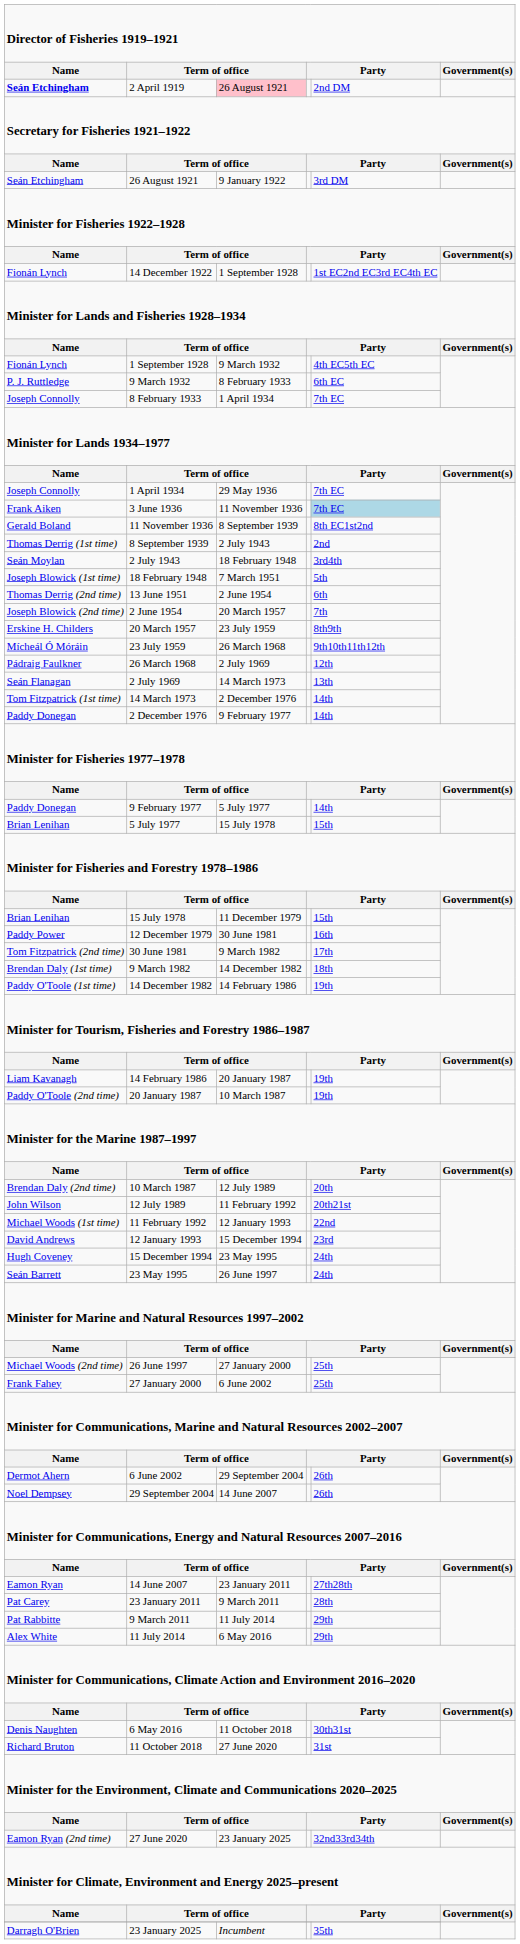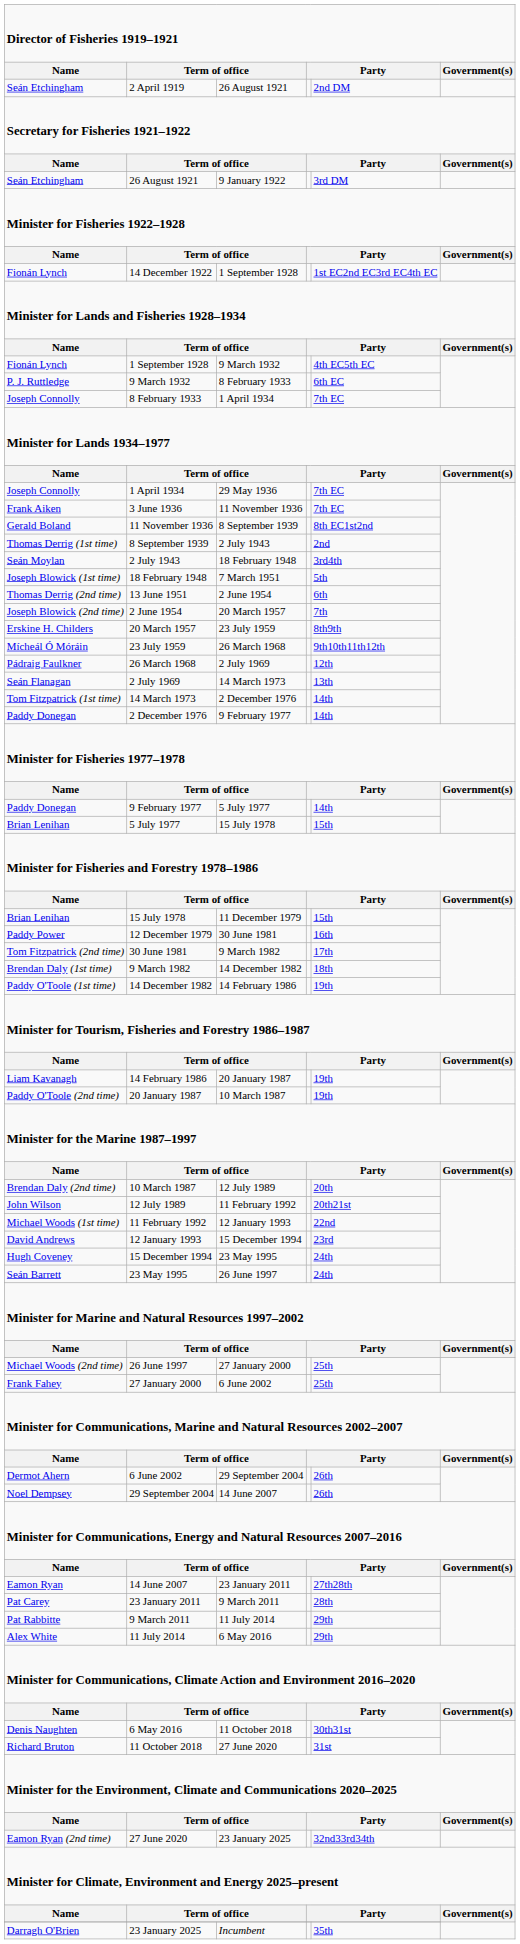 <table class="wikitable">
 <tr>
 <td colspan="6"><br><h3>Director of Fisheries 1919–1921</h3></td>
 </tr>
 <tr>
 <th>Name</th>
 <th colspan="2">Term of office</th>
 <th colspan="2">Party</th>
 <th>Government(s)</th>
 </tr>
 <tr>
-<td><strong><a href='#'>Seán Etchingham</a></strong></td>
+<td><a href='#'>Seán Etchingham</a></td>
 <td>2 April 1919</td>
-<td style="background: pink;">26 August 1921</td>
+<td>26 August 1921</td>
 <td></td>
 <td><a href='#'>2nd DM</a></td>
 </tr>
 <tr>
 <td colspan="6"><br><h3>Secretary for Fisheries 1921–1922</h3></td>
 </tr>
 <tr>
 <th>Name</th>
 <th colspan="2">Term of office</th>
 <th colspan="2">Party</th>
 <th>Government(s)</th>
 </tr>
 <tr>
 <td><a href='#'>Seán Etchingham</a></td>
 <td>26 August 1921</td>
 <td>9 January 1922</td>
 <td></td>
 <td><a href='#'>3rd DM</a></td>
 </tr>
 <tr>
 <td colspan="6"><br><h3>Minister for Fisheries 1922–1928</h3></td>
 </tr>
 <tr>
 <th>Name</th>
 <th colspan="2">Term of office</th>
 <th colspan="2">Party</th>
 <th>Government(s)</th>
 </tr>
 <tr>
 <td><a href='#'>Fionán Lynch</a></td>
 <td>14 December 1922</td>
 <td>1 September 1928</td>
 <td></td>
 <td><a href='#'>1st EC</a><a href='#'>2nd EC</a><a href='#'>3rd EC</a><a href='#'>4th EC</a></td>
 </tr>
 <tr>
 <td colspan="6"><br><h3>Minister for Lands and Fisheries 1928–1934</h3></td>
 </tr>
 <tr>
 <th>Name</th>
 <th colspan="2">Term of office</th>
 <th colspan="2">Party</th>
 <th>Government(s)</th>
 </tr>
 <tr>
 <td><a href='#'>Fionán Lynch</a></td>
 <td>1 September 1928</td>
 <td>9 March 1932</td>
 <td></td>
 <td><a href='#'>4th EC</a><a href='#'>5th EC</a></td>
 </tr>
 <tr>
 <td><a href='#'>P. J. Ruttledge</a></td>
 <td>9 March 1932</td>
 <td>8 February 1933</td>
 <td></td>
 <td><a href='#'>6th EC</a></td>
 </tr>
 <tr>
 <td><a href='#'>Joseph Connolly</a></td>
 <td>8 February 1933</td>
 <td>1 April 1934</td>
 <td></td>
 <td><a href='#'>7th EC</a></td>
 </tr>
 <tr>
 <td colspan="6"><br><h3>Minister for Lands 1934–1977</h3></td>
 </tr>
 <tr>
 <th>Name</th>
 <th colspan="2">Term of office</th>
 <th colspan="2">Party</th>
 <th>Government(s)</th>
 </tr>
 <tr>
 <td><a href='#'>Joseph Connolly</a></td>
 <td>1 April 1934</td>
 <td>29 May 1936</td>
 <td></td>
 <td><a href='#'>7th EC</a></td>
 </tr>
 <tr>
 <td><a href='#'>Frank Aiken</a></td>
 <td>3 June 1936</td>
 <td>11 November 1936</td>
 <td></td>
-<td style="background: lightblue;"><a href='#'>7th EC</a></td>
+<td><a href='#'>7th EC</a></td>
 </tr>
 <tr>
 <td><a href='#'>Gerald Boland</a></td>
 <td>11 November 1936</td>
 <td>8 September 1939</td>
 <td></td>
 <td><a href='#'>8th EC</a><a href='#'>1st</a><a href='#'>2nd</a></td>
 </tr>
 <tr>
 <td><a href='#'>Thomas Derrig</a> <em>(1st time)</em></td>
 <td>8 September 1939</td>
 <td>2 July 1943</td>
 <td></td>
 <td><a href='#'>2nd</a></td>
 </tr>
 <tr>
 <td><a href='#'>Seán Moylan</a></td>
 <td>2 July 1943</td>
 <td>18 February 1948</td>
 <td></td>
 <td><a href='#'>3rd</a><a href='#'>4th</a></td>
 </tr>
 <tr>
 <td><a href='#'>Joseph Blowick</a> <em>(1st time)</em></td>
 <td>18 February 1948</td>
 <td>7 March 1951</td>
 <td></td>
 <td><a href='#'>5th</a></td>
 </tr>
 <tr>
 <td><a href='#'>Thomas Derrig</a> <em>(2nd time)</em></td>
 <td>13 June 1951</td>
 <td>2 June 1954</td>
 <td></td>
 <td><a href='#'>6th</a></td>
 </tr>
 <tr>
 <td><a href='#'>Joseph Blowick</a> <em>(2nd time)</em></td>
 <td>2 June 1954</td>
 <td>20 March 1957</td>
 <td></td>
 <td><a href='#'>7th</a></td>
 </tr>
 <tr>
 <td><a href='#'>Erskine H. Childers</a></td>
 <td>20 March 1957</td>
 <td>23 July 1959</td>
 <td></td>
 <td><a href='#'>8th</a><a href='#'>9th</a></td>
 </tr>
 <tr>
 <td><a href='#'>Mícheál Ó Móráin</a></td>
 <td>23 July 1959</td>
 <td>26 March 1968</td>
 <td></td>
 <td><a href='#'>9th</a><a href='#'>10th</a><a href='#'>11th</a><a href='#'>12th</a></td>
 </tr>
 <tr>
 <td><a href='#'>Pádraig Faulkner</a></td>
 <td>26 March 1968</td>
 <td>2 July 1969</td>
 <td></td>
 <td><a href='#'>12th</a></td>
 </tr>
 <tr>
 <td><a href='#'>Seán Flanagan</a></td>
 <td>2 July 1969</td>
 <td>14 March 1973</td>
 <td></td>
 <td><a href='#'>13th</a></td>
 </tr>
 <tr>
 <td><a href='#'>Tom Fitzpatrick</a> <em>(1st time)</em></td>
 <td>14 March 1973</td>
 <td>2 December 1976</td>
 <td></td>
 <td><a href='#'>14th</a></td>
 </tr>
 <tr>
 <td><a href='#'>Paddy Donegan</a></td>
 <td>2 December 1976</td>
 <td>9 February 1977</td>
 <td></td>
 <td><a href='#'>14th</a></td>
 </tr>
 <tr>
 <td colspan="6"><br><h3>Minister for Fisheries 1977–1978</h3></td>
 </tr>
 <tr>
 <th>Name</th>
 <th colspan="2">Term of office</th>
 <th colspan="2">Party</th>
 <th>Government(s)</th>
 </tr>
 <tr>
 <td><a href='#'>Paddy Donegan</a></td>
 <td>9 February 1977</td>
 <td>5 July 1977</td>
 <td></td>
 <td><a href='#'>14th</a></td>
 </tr>
 <tr>
 <td><a href='#'>Brian Lenihan</a></td>
 <td>5 July 1977</td>
 <td>15 July 1978</td>
 <td></td>
 <td><a href='#'>15th</a></td>
 </tr>
 <tr>
 <td colspan="6"><br><h3>Minister for Fisheries and Forestry 1978–1986</h3></td>
 </tr>
 <tr>
 <th>Name</th>
 <th colspan="2">Term of office</th>
 <th colspan="2">Party</th>
 <th>Government(s)</th>
 </tr>
 <tr>
 <td><a href='#'>Brian Lenihan</a></td>
 <td>15 July 1978</td>
 <td>11 December 1979</td>
 <td></td>
 <td><a href='#'>15th</a></td>
 </tr>
 <tr>
 <td><a href='#'>Paddy Power</a></td>
 <td>12 December 1979</td>
 <td>30 June 1981</td>
 <td></td>
 <td><a href='#'>16th</a></td>
 </tr>
 <tr>
 <td><a href='#'>Tom Fitzpatrick</a> <em>(2nd time)</em></td>
 <td>30 June 1981</td>
 <td>9 March 1982</td>
 <td></td>
 <td><a href='#'>17th</a></td>
 </tr>
 <tr>
 <td><a href='#'>Brendan Daly</a> <em>(1st time)</em></td>
 <td>9 March 1982</td>
 <td>14 December 1982</td>
 <td></td>
 <td><a href='#'>18th</a></td>
 </tr>
 <tr>
 <td><a href='#'>Paddy O'Toole</a> <em>(1st time)</em></td>
 <td>14 December 1982</td>
 <td>14 February 1986</td>
 <td></td>
 <td><a href='#'>19th</a></td>
 </tr>
 <tr>
 <td colspan="6"><br><h3>Minister for Tourism, Fisheries and Forestry 1986–1987</h3></td>
 </tr>
 <tr>
 <th>Name</th>
 <th colspan="2">Term of office</th>
 <th colspan="2">Party</th>
 <th>Government(s)</th>
 </tr>
 <tr>
 <td><a href='#'>Liam Kavanagh</a></td>
 <td>14 February 1986</td>
 <td>20 January 1987</td>
 <td></td>
 <td><a href='#'>19th</a></td>
 </tr>
 <tr>
 <td><a href='#'>Paddy O'Toole</a> <em>(2nd time)</em></td>
 <td>20 January 1987</td>
 <td>10 March 1987</td>
 <td></td>
 <td><a href='#'>19th</a></td>
 </tr>
 <tr>
 <td colspan="6"><br><h3>Minister for the Marine 1987–1997</h3></td>
 </tr>
 <tr>
 <th>Name</th>
 <th colspan="2">Term of office</th>
 <th colspan="2">Party</th>
 <th>Government(s)</th>
 </tr>
 <tr>
 <td><a href='#'>Brendan Daly</a> <em>(2nd time)</em></td>
 <td>10 March 1987</td>
 <td>12 July 1989</td>
 <td></td>
 <td><a href='#'>20th</a></td>
 </tr>
 <tr>
 <td><a href='#'>John Wilson</a></td>
 <td>12 July 1989</td>
 <td>11 February 1992</td>
 <td></td>
 <td><a href='#'>20th</a><a href='#'>21st</a></td>
 </tr>
 <tr>
 <td><a href='#'>Michael Woods</a> <em>(1st time)</em></td>
 <td>11 February 1992</td>
 <td>12 January 1993</td>
 <td></td>
 <td><a href='#'>22nd</a></td>
 </tr>
 <tr>
 <td><a href='#'>David Andrews</a></td>
 <td>12 January 1993</td>
 <td>15 December 1994</td>
 <td></td>
 <td><a href='#'>23rd</a></td>
 </tr>
 <tr>
 <td><a href='#'>Hugh Coveney</a></td>
 <td>15 December 1994</td>
 <td>23 May 1995</td>
 <td></td>
 <td><a href='#'>24th</a></td>
 </tr>
 <tr>
 <td><a href='#'>Seán Barrett</a></td>
 <td>23 May 1995</td>
 <td>26 June 1997</td>
 <td></td>
 <td><a href='#'>24th</a></td>
 </tr>
 <tr>
 <td colspan="6"><br><h3>Minister for Marine and Natural Resources 1997–2002</h3></td>
 </tr>
 <tr>
 <th>Name</th>
 <th colspan="2">Term of office</th>
 <th colspan="2">Party</th>
 <th>Government(s)</th>
 </tr>
 <tr>
 <td><a href='#'>Michael Woods</a> <em>(2nd time)</em></td>
 <td>26 June 1997</td>
 <td>27 January 2000</td>
 <td></td>
 <td><a href='#'>25th</a></td>
 </tr>
 <tr>
 <td><a href='#'>Frank Fahey</a></td>
 <td>27 January 2000</td>
 <td>6 June 2002</td>
 <td></td>
 <td><a href='#'>25th</a></td>
 </tr>
 <tr>
 <td colspan="6"><br><h3>Minister for Communications, Marine and Natural Resources 2002–2007</h3></td>
 </tr>
 <tr>
 <th>Name</th>
 <th colspan="2">Term of office</th>
 <th colspan="2">Party</th>
 <th>Government(s)</th>
 </tr>
 <tr>
 <td><a href='#'>Dermot Ahern</a></td>
 <td>6 June 2002</td>
 <td>29 September 2004</td>
 <td></td>
 <td><a href='#'>26th</a></td>
 </tr>
 <tr>
 <td><a href='#'>Noel Dempsey</a></td>
 <td>29 September 2004</td>
 <td>14 June 2007</td>
 <td></td>
 <td><a href='#'>26th</a></td>
 </tr>
 <tr>
 <td colspan="6"><br><h3>Minister for Communications, Energy and Natural Resources 2007–2016</h3></td>
 </tr>
 <tr>
 <th>Name</th>
 <th colspan="2">Term of office</th>
 <th colspan="2">Party</th>
 <th>Government(s)</th>
 </tr>
 <tr>
 <td><a href='#'>Eamon Ryan</a></td>
 <td>14 June 2007</td>
 <td>23 January 2011</td>
 <td></td>
 <td><a href='#'>27th</a><a href='#'>28th</a></td>
 </tr>
 <tr>
 <td><a href='#'>Pat Carey</a></td>
 <td>23 January 2011</td>
 <td>9 March 2011</td>
 <td></td>
 <td><a href='#'>28th</a></td>
 </tr>
 <tr>
 <td><a href='#'>Pat Rabbitte</a></td>
 <td>9 March 2011</td>
 <td>11 July 2014</td>
 <td></td>
 <td><a href='#'>29th</a></td>
 </tr>
 <tr>
 <td><a href='#'>Alex White</a></td>
 <td>11 July 2014</td>
 <td>6 May 2016</td>
 <td></td>
 <td><a href='#'>29th</a></td>
 </tr>
 <tr>
 <td colspan="6"><br><h3>Minister for Communications, Climate Action and Environment 2016–2020</h3></td>
 </tr>
 <tr>
 <th>Name</th>
 <th colspan="2">Term of office</th>
 <th colspan="2">Party</th>
 <th>Government(s)</th>
 </tr>
 <tr>
 <td><a href='#'>Denis Naughten</a></td>
 <td>6 May 2016</td>
 <td>11 October 2018</td>
 <td></td>
 <td><a href='#'>30th</a><a href='#'>31st</a></td>
 </tr>
 <tr>
 <td><a href='#'>Richard Bruton</a></td>
 <td>11 October 2018</td>
 <td>27 June 2020</td>
 <td></td>
 <td><a href='#'>31st</a></td>
 </tr>
 <tr>
 <td colspan="6"><br><h3>Minister for the Environment, Climate and Communications 2020–2025</h3></td>
 </tr>
 <tr>
 <th>Name</th>
 <th colspan="2">Term of office</th>
 <th colspan="2">Party</th>
 <th>Government(s)</th>
 </tr>
 <tr>
 <td><a href='#'>Eamon Ryan</a> <em>(2nd time)</em></td>
 <td>27 June 2020</td>
 <td>23 January 2025</td>
 <td></td>
 <td><a href='#'>32nd</a><a href='#'>33rd</a><a href='#'>34th</a></td>
 </tr>
 <tr>
 <td colspan="6"><br><h3>Minister for Climate, Environment and Energy 2025–present</h3></td>
 </tr>
 <tr>
 <th>Name</th>
 <th colspan="2">Term of office</th>
 <th colspan="2">Party</th>
 <th>Government(s)</th>
 </tr>
 <tr>
 </tr>
 <tr>
 <td><a href='#'>Darragh O'Brien</a></td>
 <td>23 January 2025</td>
 <td><em>Incumbent</em></td>
 <td></td>
 <td><a href='#'>35th</a></td>
 </tr>
 </table>
